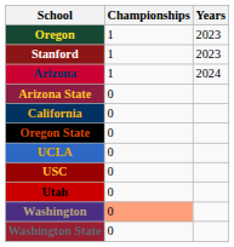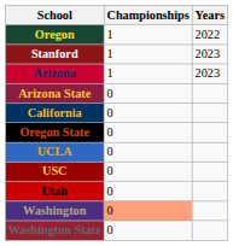 <table class="wikitable">
 <tr>
 <th>School</th>
 <th>Championships</th>
 <th>Years</th>
 </tr>
 <tr>
 <th style="background:#154733; color:#FEE123;">Oregon</th>
 <td>1</td>
-<td>2023</td>
+<td>2022</td>
 </tr>
 <tr>
 <th style="background:#8C1515; color:#FFFFFF;">Stanford</th>
 <td>1</td>
 <td>2023</td>
 </tr>
 <tr>
 <th style="background:#CC0033; color:#003366;">Arizona</th>
 <td>1</td>
-<td>2024</td>
+<td>2023</td>
 </tr>
 <tr>
 <th style="background:#8C1D40; color:#FFC627;">Arizona State</th>
 <td>0</td>
 <td></td>
 </tr>
 <tr>
 <th style="background:#003262; color:#FDB515;">California</th>
 <td>0</td>
 <td></td>
 </tr>
 <tr>
 <th style="background:#000000; color:#DC4405;">Oregon State</th>
 <td>0</td>
 <td></td>
 </tr>
 <tr>
 <th style="background:#2D68C4; color:#F2A900;">UCLA</th>
 <td>0</td>
 <td></td>
 </tr>
 <tr>
 <th style="background:#990000; color:#FFC72C;">USC</th>
 <td>0</td>
 <td></td>
 </tr>
 <tr>
 <th style="background:#CC0000; color:#000000;">Utah</th>
 <td>0</td>
 <td></td>
 </tr>
 <tr>
 <th style="background:#4B2E83; color:#B7A57A;">Washington</th>
 <td style="background: lightsalmon;">0</td>
 <td></td>
 </tr>
 <tr>
 <th style="background:#981E32; color:#5E6A71;">Washington State</th>
 <td>0</td>
 <td></td>
 </tr>
 </table>
